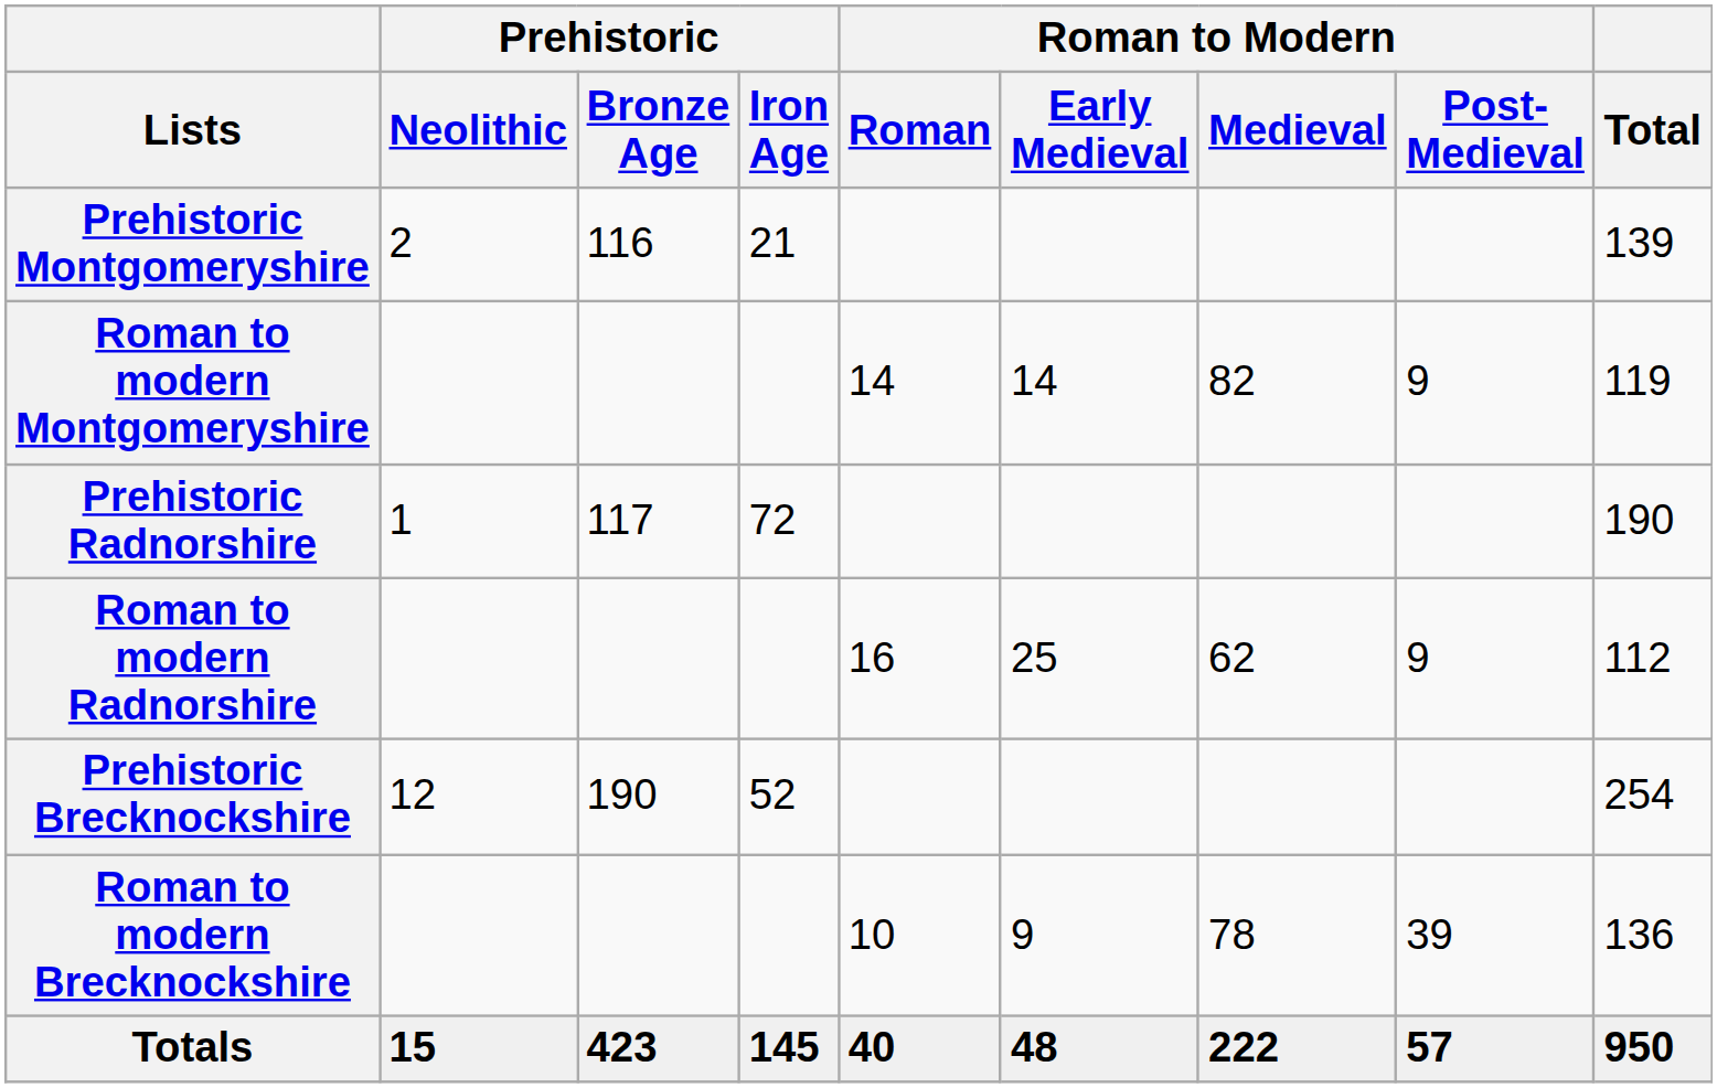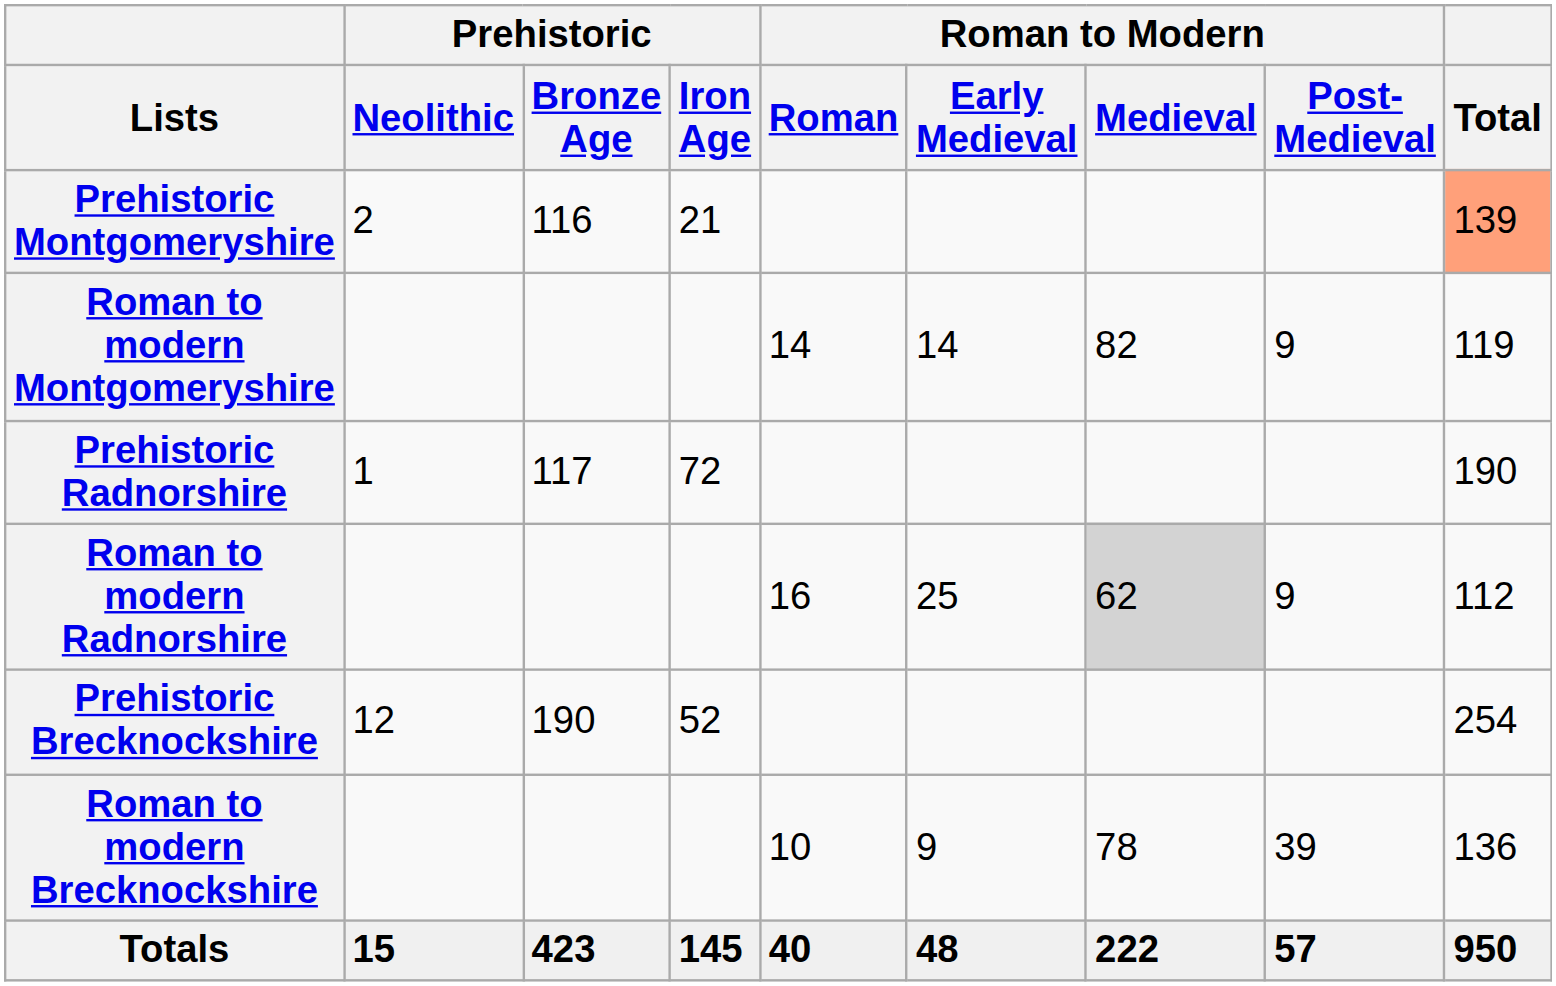 <table class=" wikitable plainrowheaders" border="1">
 <tr>
 <th scope="col"> </th>
 <th scope="col" colspan="3">Prehistoric</th>
 <th scope="col" colspan="4">Roman to Modern</th>
 <th scope="col"> </th>
 </tr>
 <tr>
 <th scope="col">Lists</th>
 <th scope="col"><a href='#'>Neolithic</a></th>
 <th scope="col"><a href='#'>Bronze Age</a></th>
 <th scope="col"><a href='#'>Iron Age</a></th>
 <th scope="col"><a href='#'>Roman</a></th>
 <th scope="col"><a href='#'>Early<br>Medieval</a></th>
 <th scope="col"><a href='#'>Medieval</a></th>
 <th scope="col"><a href='#'>Post-<br>Medieval</a></th>
 <th scope="col">Total</th>
 </tr>
 <tr>
 <th scope="row"><a href='#'>Prehistoric Montgomeryshire</a></th>
 <td>2</td>
 <td>116</td>
 <td>21</td>
 <td></td>
 <td></td>
 <td></td>
 <td></td>
-<td>139</td>
+<td style="background: lightsalmon;">139</td>
 </tr>
 <tr>
 <th scope="row"><a href='#'>Roman to modern Montgomeryshire</a></th>
 <td></td>
 <td></td>
 <td></td>
 <td>14</td>
 <td>14</td>
 <td>82</td>
 <td>9</td>
 <td>119</td>
 </tr>
 <tr>
 <th scope="row"><a href='#'>Prehistoric Radnorshire</a></th>
 <td>1</td>
 <td>117</td>
 <td>72</td>
 <td></td>
 <td></td>
 <td></td>
 <td></td>
 <td>190</td>
 </tr>
 <tr>
 <th scope="row"><a href='#'>Roman to modern Radnorshire</a></th>
 <td></td>
 <td></td>
 <td></td>
 <td>16</td>
 <td>25</td>
-<td>62</td>
+<td style="background: lightgrey;">62</td>
 <td>9</td>
 <td>112</td>
 </tr>
 <tr>
 <th scope="row"><a href='#'>Prehistoric Brecknockshire</a></th>
 <td>12</td>
 <td>190</td>
 <td>52</td>
 <td></td>
 <td></td>
 <td></td>
 <td></td>
 <td>254</td>
 </tr>
 <tr>
 <th scope="row"><a href='#'>Roman to modern Brecknockshire</a></th>
 <td></td>
 <td></td>
 <td></td>
 <td>10</td>
 <td>9</td>
 <td>78</td>
 <td>39</td>
 <td>136</td>
 </tr>
 <tr>
 <th scope="row"><strong>Totals</strong></th>
 <td bgcolor="#F0F0F0"><strong>15</strong></td>
 <td bgcolor="#F0F0F0"><strong>423</strong></td>
 <td bgcolor="#F0F0F0"><strong>145</strong></td>
 <td bgcolor="#F0F0F0"><strong>40</strong></td>
 <td bgcolor="#F0F0F0"><strong>48</strong></td>
 <td bgcolor="#F0F0F0"><strong>222</strong></td>
 <td bgcolor="#F0F0F0"><strong>57</strong></td>
 <td bgcolor="#F0F0F0"><strong>950</strong></td>
 </tr>
 </table>
